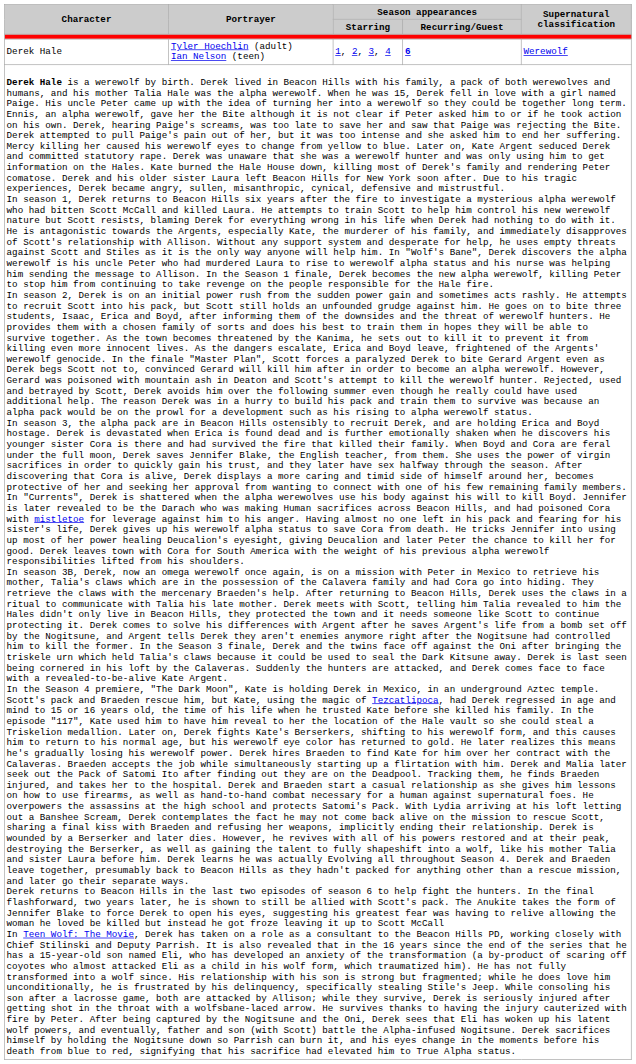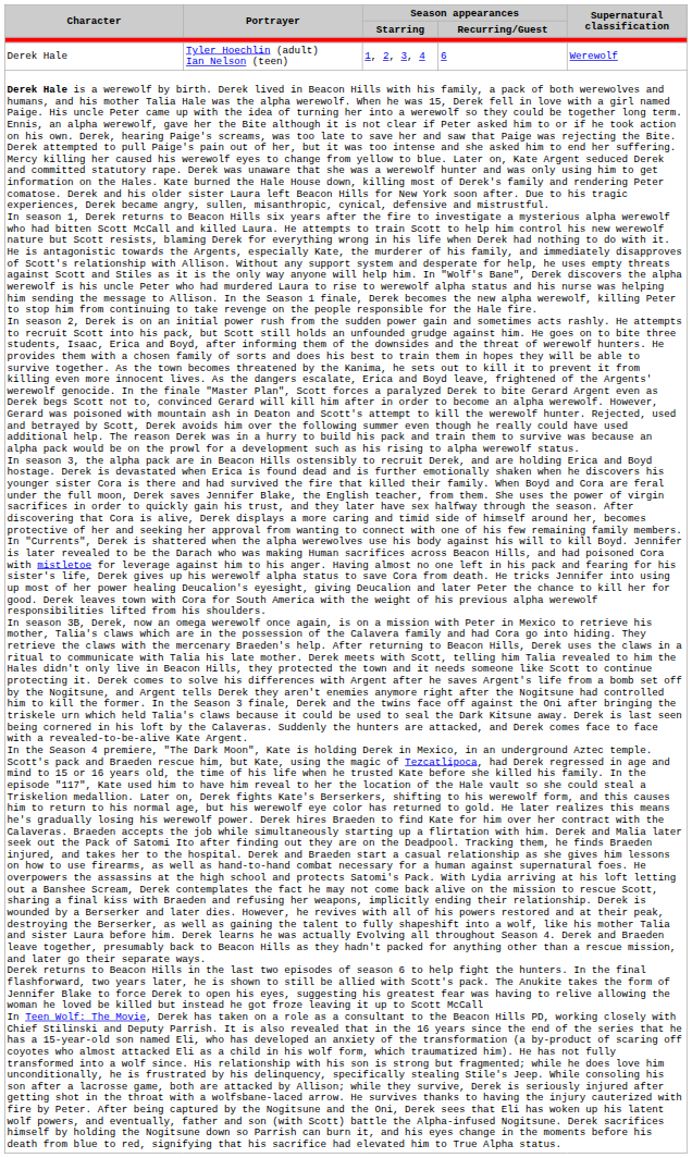 <table class="wikitable sortable" style="width:100%; margin-right:auto; background:#fff;">
 <tr style="color:black">
 <th rowspan="2" style="background:#ccc; width:16%;">Character</th>
 <th rowspan="2" style="background:#ccc; width:16%;">Portrayer</th>
 <th colspan="2" style="background:#ccc; width:13%;">Season appearances</th>
 <th rowspan="2" style="background:#ccc; width:7%;">Supernatural classification</th>
 </tr>
 <tr>
 <th style="background:#ccc;">Starring</th>
 <th style="background:#ccc;">Recurring/Guest</th>
 </tr>
 <tr>
 <td colspan="5" style="background:red;"></td>
 </tr>
 <tr>
 <td id="Derek">Derek Hale</td>
 <td><a href='#'>Tyler Hoechlin</a> (adult)<br><a href='#'>Ian Nelson</a> (teen)</td>
 <td><a href='#'>1</a>, <a href='#'>2</a>, <a href='#'>3</a>, <a href='#'>4</a></td>
-<td><strong><a href='#'>6</a></strong></td>
+<td><a href='#'>6</a></td>
 <td><a href='#'>Werewolf</a></td>
 </tr>
 <tr>
 <td colspan=5><br><strong>Derek Hale</strong> is a werewolf by birth. Derek lived in Beacon Hills with his family, a pack of both werewolves and humans, and his mother Talia Hale was the alpha werewolf. When he was 15, Derek fell in love with a girl named Paige. His uncle Peter came up with the idea of turning her into a werewolf so they could be together long term. Ennis, an alpha werewolf, gave her the Bite although it is not clear if Peter asked him to or if he took action on his own. Derek, hearing Paige's screams, was too late to save her and saw that Paige was rejecting the Bite. Derek attempted to pull Paige's pain out of her, but it was too intense and she asked him to end her suffering. Mercy killing her caused his werewolf eyes to change from yellow to blue. Later on, Kate Argent seduced Derek and committed statutory rape. Derek was unaware that she was a werewolf hunter and was only using him to get information on the Hales. Kate burned the Hale House down, killing most of Derek's family and rendering Peter comatose. Derek and his older sister Laura left Beacon Hills for New York soon after. Due to his tragic experiences, Derek became angry, sullen, misanthropic, cynical, defensive and mistrustful.<br>In season 1, Derek returns to Beacon Hills six years after the fire to investigate a mysterious alpha werewolf who had bitten Scott McCall and killed Laura. He attempts to train Scott to help him control his new werewolf nature but Scott resists, blaming Derek for everything wrong in his life when Derek had nothing to do with it. He is antagonistic towards the Argents, especially Kate, the murderer of his family, and immediately disapproves of Scott's relationship with Allison. Without any support system and desperate for help, he uses empty threats against Scott and Stiles as it is the only way anyone will help him. In "Wolf's Bane", Derek discovers the alpha werewolf is his uncle Peter who had murdered Laura to rise to werewolf alpha status and his nurse was helping him sending the message to Allison. In the Season 1 finale, Derek becomes the new alpha werewolf, killing Peter to stop him from continuing to take revenge on the people responsible for the Hale fire.<br>In season 2, Derek is on an initial power rush from the sudden power gain and sometimes acts rashly. He attempts to recruit Scott into his pack, but Scott still holds an unfounded grudge against him. He goes on to bite three students, Isaac, Erica and Boyd, after informing them of the downsides and the threat of werewolf hunters. He provides them with a chosen family of sorts and does his best to train them in hopes they will be able to survive together. As the town becomes threatened by the Kanima, he sets out to kill it to prevent it from killing even more innocent lives. As the dangers escalate, Erica and Boyd leave, frightened of the Argents' werewolf genocide. In the finale "Master Plan", Scott forces a paralyzed Derek to bite Gerard Argent even as Derek begs Scott not to, convinced Gerard will kill him after in order to become an alpha werewolf. However, Gerard was poisoned with mountain ash in Deaton and Scott's attempt to kill the werewolf hunter. Rejected, used and betrayed by Scott, Derek avoids him over the following summer even though he really could have used additional help. The reason Derek was in a hurry to build his pack and train them to survive was because an alpha pack would be on the prowl for a development such as his rising to alpha werewolf status.<br>In season 3, the alpha pack are in Beacon Hills ostensibly to recruit Derek, and are holding Erica and Boyd hostage. Derek is devastated when Erica is found dead and is further emotionally shaken when he discovers his younger sister Cora is there and had survived the fire that killed their family. When Boyd and Cora are feral under the full moon, Derek saves Jennifer Blake, the English teacher, from them. She uses the power of virgin sacrifices in order to quickly gain his trust, and they later have sex halfway through the season. After discovering that Cora is alive, Derek displays a more caring and timid side of himself around her, becomes protective of her and seeking her approval from wanting to connect with one of his few remaining family members. In "Currents", Derek is shattered when the alpha werewolves use his body against his will to kill Boyd. Jennifer is later revealed to be the Darach who was making Human sacrifices across Beacon Hills, and had poisoned Cora with <a href='#'>mistletoe</a> for leverage against him to his anger. Having almost no one left in his pack and fearing for his sister's life, Derek gives up his werewolf alpha status to save Cora from death. He tricks Jennifer into using up most of her power healing Deucalion's eyesight, giving Deucalion and later Peter the chance to kill her for good. Derek leaves town with Cora for South America with the weight of his previous alpha werewolf responsibilities lifted from his shoulders.<br>In season 3B, Derek, now an omega werewolf once again, is on a mission with Peter in Mexico to retrieve his mother, Talia's claws which are in the possession of the Calavera family and had Cora go into hiding. They retrieve the claws with the mercenary Braeden's help. After returning to Beacon Hills, Derek uses the claws in a ritual to communicate with Talia his late mother. Derek meets with Scott, telling him Talia revealed to him the Hales didn't only live in Beacon Hills, they protected the town and it needs someone like Scott to continue protecting it. Derek comes to solve his differences with Argent after he saves Argent's life from a bomb set off by the Nogitsune, and Argent tells Derek they aren't enemies anymore right after the Nogitsune had controlled him to kill the former. In the Season 3 finale, Derek and the twins face off against the Oni after bringing the triskele urn which held Talia's claws because it could be used to seal the Dark Kitsune away. Derek is last seen being cornered in his loft by the Calaveras. Suddenly the hunters are attacked, and Derek comes face to face with a revealed-to-be-alive Kate Argent.<br>In the Season 4 premiere, "The Dark Moon", Kate is holding Derek in Mexico, in an underground Aztec temple. Scott's pack and Braeden rescue him, but Kate, using the magic of <a href='#'>Tezcatlipoca</a>, had Derek regressed in age and mind to 15 or 16 years old, the time of his life when he trusted Kate before she killed his family. In the episode "117", Kate used him to have him reveal to her the location of the Hale vault so she could steal a Triskelion medallion. Later on, Derek fights Kate's Berserkers, shifting to his werewolf form, and this causes him to return to his normal age, but his werewolf eye color has returned to gold. He later realizes this means he's gradually losing his werewolf power. Derek hires Braeden to find Kate for him over her contract with the Calaveras. Braeden accepts the job while simultaneously starting up a flirtation with him. Derek and Malia later seek out the Pack of Satomi Ito after finding out they are on the Deadpool. Tracking them, he finds Braeden injured, and takes her to the hospital. Derek and Braeden start a casual relationship as she gives him lessons on how to use firearms, as well as hand-to-hand combat necessary for a human against supernatural foes. He overpowers the assassins at the high school and protects Satomi's Pack. With Lydia arriving at his loft letting out a Banshee Scream, Derek contemplates the fact he may not come back alive on the mission to rescue Scott, sharing a final kiss with Braeden and refusing her weapons, implicitly ending their relationship. Derek is wounded by a Berserker and later dies. However, he revives with all of his powers restored and at their peak, destroying the Berserker, as well as gaining the talent to fully shapeshift into a wolf, like his mother Talia and sister Laura before him. Derek learns he was actually Evolving all throughout Season 4. Derek and Braeden leave together, presumably back to Beacon Hills as they hadn't packed for anything other than a rescue mission, and later go their separate ways.<br>Derek returns to Beacon Hills in the last two episodes of season 6 to help fight the hunters. In the final flashforward, two years later, he is shown to still be allied with Scott's pack. The Anukite takes the form of Jennifer Blake to force Derek to open his eyes, suggesting his greatest fear was having to relive allowing the woman he loved be killed but instead he got froze leaving it up to Scott McCall<br>In <a href='#'>Teen Wolf: The Movie</a>, Derek has taken on a role as a consultant to the Beacon Hills PD, working closely with Chief Stilinski and Deputy Parrish. It is also revealed that in the 16 years since the end of the series that he has a 15-year-old son named Eli, who has developed an anxiety of the transformation (a by-product of scaring off coyotes who almost attacked Eli as a child in his wolf form, which traumatized him). He has not fully transformed into a wolf since. His relationship with his son is strong but fragmented; while he does love him unconditionally, he is frustrated by his delinquency, specifically stealing Stile's Jeep. While consoling his son after a lacrosse game, both are attacked by Allison; while they survive, Derek is seriously injured after getting shot in the throat with a wolfsbane-laced arrow. He survives thanks to having the injury cauterized with fire by Peter. After being captured by the Nogitsune and the Oni, Derek sees that Eli has woken up his latent wolf powers, and eventually, father and son (with Scott) battle the Alpha-infused Nogitsune. Derek sacrifices himself by holding the Nogitsune down so Parrish can burn it, and his eyes change in the moments before his death from blue to red, signifying that his sacrifice had elevated him to True Alpha status.</td>
 </tr>
 </table>
